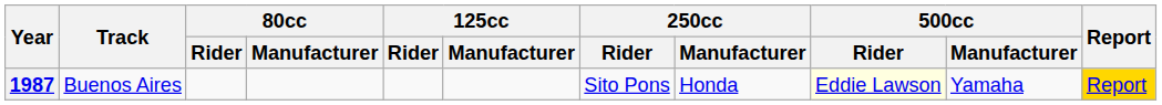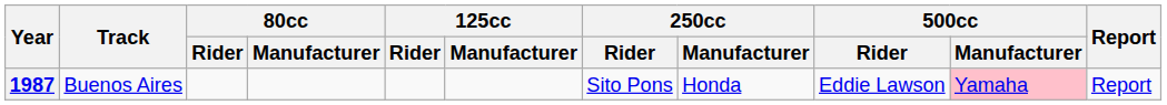 <table class="wikitable" style="font-size: 95%;">
 <tr>
 <th rowspan=2>Year</th>
 <th rowspan=2>Track</th>
 <th colspan=2>80cc</th>
 <th colspan=2>125cc</th>
 <th colspan=2>250cc</th>
 <th colspan=2>500cc</th>
 <th rowspan=2>Report</th>
 </tr>
 <tr>
 <th>Rider</th>
 <th>Manufacturer</th>
 <th>Rider</th>
 <th>Manufacturer</th>
 <th>Rider</th>
 <th>Manufacturer</th>
 <th>Rider</th>
 <th>Manufacturer</th>
 </tr>
 <tr>
 <th><a href='#'>1987</a></th>
 <td><a href='#'>Buenos Aires</a></td>
 <td></td>
 <td></td>
 <td></td>
 <td></td>
 <td> <a href='#'>Sito Pons</a></td>
 <td><a href='#'>Honda</a></td>
-<td style="background: lightyellow;"> <a href='#'>Eddie Lawson</a></td>
-<td><a href='#'>Yamaha</a></td>
-<td style="background: gold;"><a href='#'>Report</a></td>
+<td> <a href='#'>Eddie Lawson</a></td>
+<td style="background: pink;"><a href='#'>Yamaha</a></td>
+<td><a href='#'>Report</a></td>
 </tr>
 </table>
